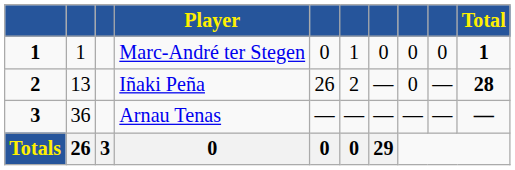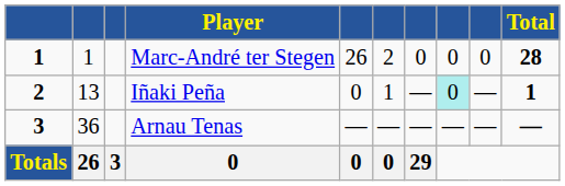 <table class="wikitable" style="text-align:center">
 <tr>
 <th style="background:#26559B; color:#FFF000; "></th>
 <th style="background:#26559B; color:#FFF000; "></th>
 <th style="background:#26559B; color:#FFF000; "></th>
 <th style="background:#26559B; color:#FFF000; ">Player</th>
 <th style="background:#26559B; color:#FFF000; "></th>
 <th style="background:#26559B; color:#FFF000; "></th>
 <th style="background:#26559B; color:#FFF000; "></th>
 <th style="background:#26559B; color:#FFF000; "></th>
 <th style="background:#26559B; color:#FFF000; "></th>
 <th style="background:#26559B; color:#FFF000; ">Total</th>
 </tr>
 <tr>
 <td><strong>1</strong></td>
 <td>1</td>
 <td></td>
 <td align=left><a href='#'>Marc-André ter Stegen</a></td>
-<td>0</td>
-<td>1</td>
+<td>26</td>
+<td>2</td>
 <td>0</td>
 <td>0</td>
 <td>0</td>
-<td><strong>1</strong></td>
+<td><strong>28</strong></td>
 </tr>
 <tr>
 <td><strong>2</strong></td>
 <td>13</td>
 <td></td>
 <td align=left><a href='#'>Iñaki Peña</a></td>
-<td>26</td>
-<td>2</td>
+<td>0</td>
+<td>1</td>
 <td>—</td>
-<td>0</td>
+<td style="background: paleturquoise;">0</td>
 <td>—</td>
-<td><strong>28</strong></td>
+<td><strong>1</strong></td>
 </tr>
 <tr>
 <td><strong>3</strong></td>
 <td>36</td>
 <td></td>
 <td align=left><a href='#'>Arnau Tenas</a></td>
 <td>—</td>
 <td>—</td>
 <td>—</td>
 <td>—</td>
 <td>—</td>
 <td><strong>—</strong></td>
 </tr>
 <tr>
 <th style="background:#26559B; color:#FFF000; "><strong>Totals</strong></th>
 <th><strong>26</strong></th>
 <th><strong>3</strong></th>
 <th><strong>0</strong></th>
 <th><strong>0</strong></th>
 <th><strong>0</strong></th>
 <th><strong>29</strong></th>
 </tr>
 </table>
